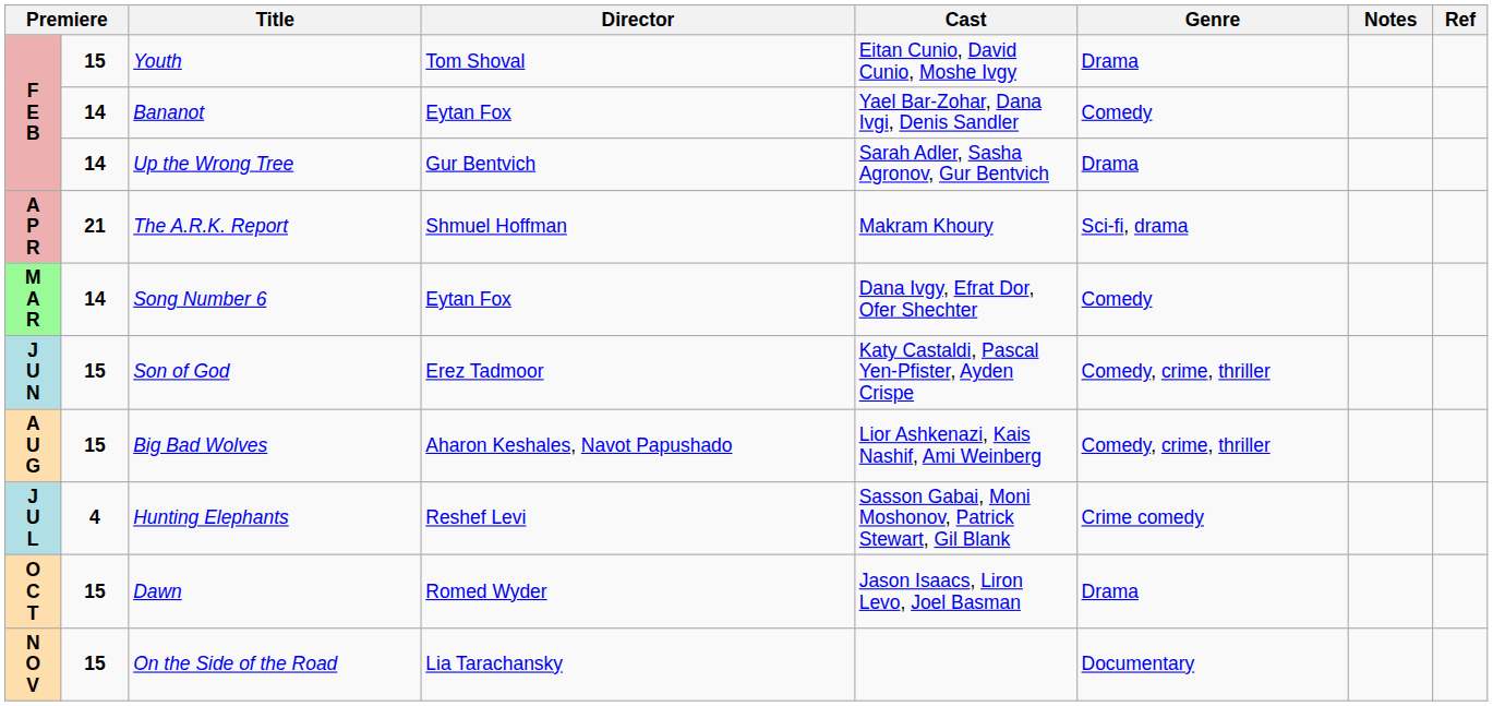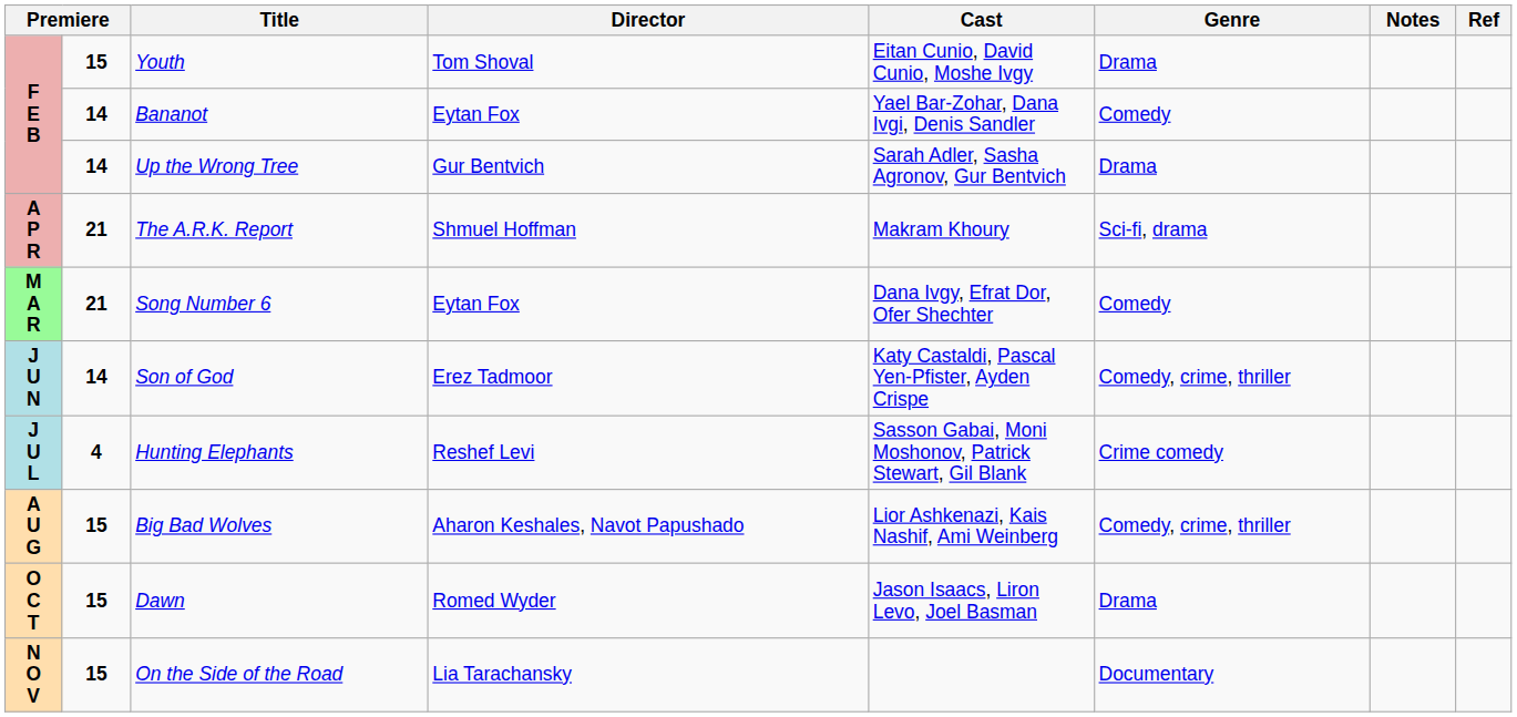 <table class="wikitable sortable">
 <tr>
 <th colspan="2"><strong>Premiere</strong></th>
 <th>Title</th>
 <th>Director</th>
 <th width=15%>Cast</th>
 <th>Genre</th>
 <th>Notes</th>
 <th>Ref</th>
 </tr>
 <tr>
 <td rowspan="3" align="center" style="background:#edafaf"><strong>F</strong><br><strong>E</strong><br><strong>B</strong></td>
 <td rowspan="1" align="center"><strong>15</strong></td>
 <td><em><a href='#'>Youth</a></em></td>
 <td><a href='#'>Tom Shoval</a></td>
 <td><a href='#'>Eitan Cunio</a>, <a href='#'>David Cunio</a>, <a href='#'>Moshe Ivgy</a></td>
 <td><a href='#'>Drama</a></td>
 <td></td>
 <td></td>
 </tr>
 <tr>
 <td rowspan="1" align="center"><strong>14</strong></td>
 <td><em><a href='#'>Bananot</a></em></td>
 <td><a href='#'>Eytan Fox</a></td>
 <td><a href='#'>Yael Bar-Zohar</a>, <a href='#'>Dana Ivgi</a>, <a href='#'>Denis Sandler</a></td>
 <td><a href='#'>Comedy</a></td>
 <td></td>
 <td></td>
 </tr>
 <tr>
 <td rowspan="1" align="center"><strong>14</strong></td>
 <td><em><a href='#'>Up the Wrong Tree</a></em></td>
 <td><a href='#'>Gur Bentvich</a></td>
 <td><a href='#'>Sarah Adler</a>, <a href='#'>Sasha Agronov</a>, <a href='#'>Gur Bentvich</a></td>
 <td><a href='#'>Drama</a></td>
 <td></td>
 <td></td>
 </tr>
 <tr>
 <td rowspan="1" align="center" style="background:#edafaf"><strong>A</strong><br><strong>P</strong><br><strong>R</strong></td>
 <td rowspan="1" align="center"><strong>21</strong></td>
 <td><em><a href='#'>The A.R.K. Report</a></em></td>
 <td><a href='#'>Shmuel Hoffman</a></td>
 <td><a href='#'>Makram Khoury</a></td>
 <td><a href='#'>Sci-fi</a>, <a href='#'>drama</a></td>
 <td></td>
 <td></td>
 </tr>
 <tr>
 <td style="text-align:center; background:#98fb98; textcolor:#000;"><strong>M<br>A<br>R</strong></td>
-<td style="text-align:center;"><strong>14</strong></td>
+<td style="text-align:center;"><strong>21</strong></td>
 <td><em><a href='#'>Song Number 6</a></em></td>
 <td><a href='#'>Eytan Fox</a></td>
 <td><a href='#'>Dana Ivgy</a>, <a href='#'>Efrat Dor</a>, <a href='#'>Ofer Shechter</a></td>
 <td><a href='#'>Comedy</a></td>
 <td></td>
 <td></td>
 </tr>
 <tr>
 <td rowspan="1" valign="center" align="center" style="background:#B0E0E6; textcolor:#000;"><strong>J<br>U<br>N</strong></td>
-<td rowspan="1" align="center"><strong>15</strong></td>
+<td rowspan="1" align="center"><strong>14</strong></td>
 <td><em><a href='#'>Son of God</a></em></td>
 <td><a href='#'>Erez Tadmoor</a></td>
 <td><a href='#'>Katy Castaldi</a>, <a href='#'>Pascal Yen-Pfister</a>, <a href='#'>Ayden Crispe</a></td>
-<td><a href='#'>Comedy</a>, <a href='#'>crime</a>, <a href='#'>thriller</a></td>
-<td></td>
-<td></td>
-</tr>
-<tr>
-<td rowspan="1" valign="center" align="center" style="background:#FFDEAD; textcolor:#000;"><strong>A<br>U<br>G</strong></td>
-<td rowspan="1" align="center"><strong>15</strong></td>
-<td><em><a href='#'>Big Bad Wolves</a></em></td>
-<td><a href='#'>Aharon Keshales</a>, <a href='#'>Navot Papushado</a></td>
-<td><a href='#'>Lior Ashkenazi</a>, <a href='#'>Kais Nashif</a>, <a href='#'>Ami Weinberg</a></td>
 <td><a href='#'>Comedy</a>, <a href='#'>crime</a>, <a href='#'>thriller</a></td>
 <td></td>
 <td></td>
 </tr>
 <tr>
 <td rowspan="1" valign="center" align="center" style="background:#B0E0E6; textcolor:#000;"><strong>J<br>U<br>L</strong></td>
 <td rowspan="1" align="center"><strong>4</strong></td>
 <td><em><a href='#'>Hunting Elephants</a></em></td>
 <td><a href='#'>Reshef Levi</a></td>
 <td><a href='#'>Sasson Gabai</a>, <a href='#'>Moni Moshonov</a>, <a href='#'>Patrick Stewart</a>, <a href='#'>Gil Blank</a></td>
 <td><a href='#'>Crime comedy</a></td>
+<td></td>
+<td></td>
+</tr>
+<tr>
+<td rowspan="1" valign="center" align="center" style="background:#FFDEAD; textcolor:#000;"><strong>A<br>U<br>G</strong></td>
+<td rowspan="1" align="center"><strong>15</strong></td>
+<td><em><a href='#'>Big Bad Wolves</a></em></td>
+<td><a href='#'>Aharon Keshales</a>, <a href='#'>Navot Papushado</a></td>
+<td><a href='#'>Lior Ashkenazi</a>, <a href='#'>Kais Nashif</a>, <a href='#'>Ami Weinberg</a></td>
+<td><a href='#'>Comedy</a>, <a href='#'>crime</a>, <a href='#'>thriller</a></td>
 <td></td>
 <td></td>
 </tr>
 <tr>
 <td rowspan="1" valign="center" align="center" style="background:#FFDEAD; textcolor:#000;"><strong>O<br>C<br>T</strong></td>
 <td rowspan="1" align="center"><strong>15</strong></td>
 <td><em><a href='#'>Dawn</a></em></td>
 <td><a href='#'>Romed Wyder</a></td>
 <td><a href='#'>Jason Isaacs</a>, <a href='#'>Liron Levo</a>, <a href='#'>Joel Basman</a></td>
 <td><a href='#'>Drama</a></td>
 <td></td>
 <td></td>
 </tr>
 <tr>
 <td rowspan="1" valign="center" align="center" style="background:#FFDEAD; textcolor:#000;"><strong>N<br>O<br>V</strong></td>
 <td rowspan="1" align="center"><strong>15</strong></td>
 <td><em><a href='#'>On the Side of the Road</a></em></td>
 <td><a href='#'>Lia Tarachansky</a></td>
 <td></td>
 <td><a href='#'>Documentary</a></td>
 <td></td>
 <td></td>
 </tr>
 </table>
